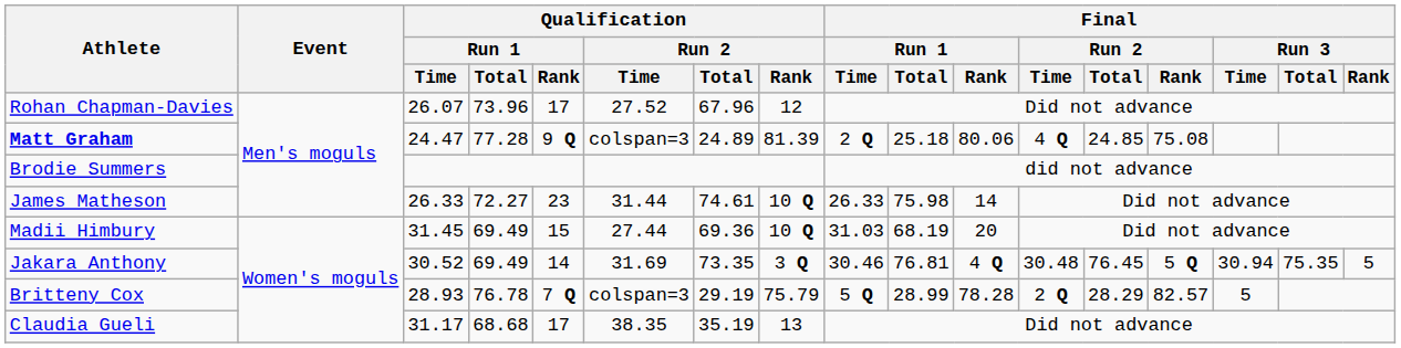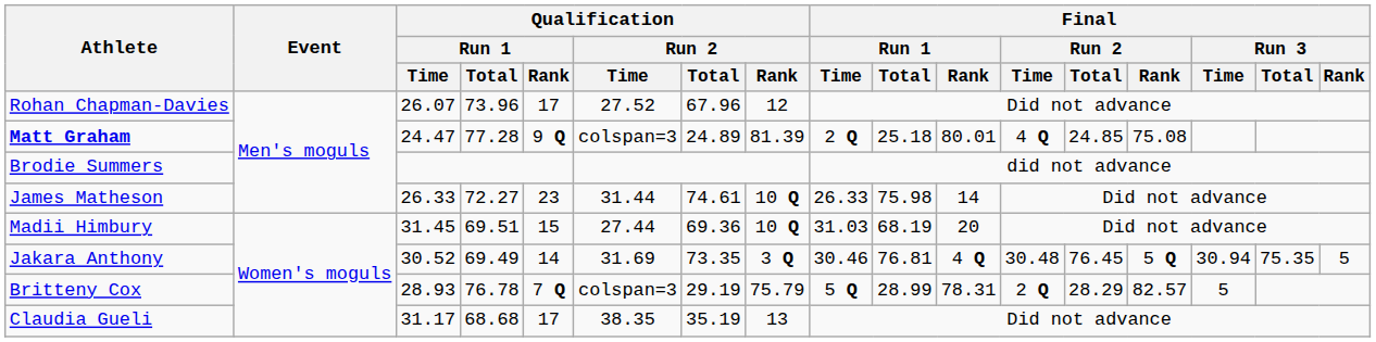 <table class="wikitable" style="font-size:90%">
 <tr>
 <th rowspan=3>Athlete</th>
 <th rowspan=3>Event</th>
 <th colspan=6>Qualification</th>
 <th colspan=12>Final</th>
 </tr>
 <tr style="font-size:95%">
 <th colspan=3>Run 1</th>
 <th colspan=3>Run 2</th>
 <th colspan=3>Run 1</th>
 <th colspan=3>Run 2</th>
 <th colspan=3>Run 3</th>
 </tr>
 <tr style="font-size:95%">
 <th>Time</th>
 <th>Total</th>
 <th>Rank</th>
 <th>Time</th>
 <th>Total</th>
 <th>Rank</th>
 <th>Time</th>
 <th>Total</th>
 <th>Rank</th>
 <th>Time</th>
 <th>Total</th>
 <th>Rank</th>
 <th>Time</th>
 <th>Total</th>
 <th>Rank</th>
 </tr>
 <tr align=center>
 <td align=left><a href='#'>Rohan Chapman-Davies</a></td>
 <td rowspan="4" align="left"><a href='#'>Men's moguls</a></td>
 <td>26.07</td>
 <td>73.96</td>
 <td>17</td>
 <td>27.52</td>
 <td>67.96</td>
 <td>12</td>
 <td colspan=9>Did not advance</td>
 </tr>
 <tr align=center>
 <td align=left><strong><a href='#'>Matt Graham</a></strong></td>
 <td>24.47</td>
 <td>77.28</td>
 <td>9 <strong>Q</strong></td>
 <td>colspan=3 </td>
 <td>24.89</td>
 <td>81.39</td>
 <td>2 <strong>Q</strong></td>
 <td>25.18</td>
-<td>80.06</td>
+<td>80.01</td>
 <td>4 <strong>Q</strong></td>
 <td>24.85</td>
 <td>75.08</td>
 <td></td>
 </tr>
 <tr align=center>
 <td align=left><a href='#'>Brodie Summers</a></td>
 <td colspan=3></td>
 <td colspan=3></td>
 <td colspan=9>did not advance</td>
 </tr>
 <tr align="center">
 <td align="left"><a href='#'>James Matheson</a></td>
 <td>26.33</td>
 <td>72.27</td>
 <td>23</td>
 <td>31.44</td>
 <td>74.61</td>
 <td>10 <strong>Q</strong></td>
 <td>26.33</td>
 <td>75.98</td>
 <td>14</td>
 <td colspan=6>Did not advance</td>
 </tr>
 <tr align="center">
 <td align="left"><a href='#'>Madii Himbury</a></td>
 <td rowspan="4" align="left"><a href='#'>Women's moguls</a></td>
 <td>31.45</td>
-<td>69.49</td>
+<td>69.51</td>
 <td>15</td>
 <td>27.44</td>
 <td>69.36</td>
 <td>10 <strong>Q</strong></td>
 <td>31.03</td>
 <td>68.19</td>
 <td>20</td>
 <td colspan=6>Did not advance</td>
 </tr>
 <tr align=center>
 <td align=left><a href='#'>Jakara Anthony</a></td>
 <td>30.52</td>
 <td>69.49</td>
 <td>14</td>
 <td>31.69</td>
 <td>73.35</td>
 <td>3 <strong>Q</strong></td>
 <td>30.46</td>
 <td>76.81</td>
 <td>4 <strong>Q</strong></td>
 <td>30.48</td>
 <td>76.45</td>
 <td>5 <strong>Q</strong></td>
 <td>30.94</td>
 <td>75.35</td>
 <td>5</td>
 </tr>
 <tr align=center>
 <td align=left><a href='#'>Britteny Cox</a></td>
 <td>28.93</td>
 <td>76.78</td>
 <td>7 <strong>Q</strong></td>
 <td>colspan=3 </td>
 <td>29.19</td>
 <td>75.79</td>
 <td>5 <strong>Q</strong></td>
 <td>28.99</td>
-<td>78.28</td>
+<td>78.31</td>
 <td>2 <strong>Q</strong></td>
 <td>28.29</td>
 <td>82.57</td>
 <td>5</td>
 </tr>
 <tr align=center>
 <td align=left><a href='#'>Claudia Gueli</a></td>
 <td>31.17</td>
 <td>68.68</td>
 <td>17</td>
 <td>38.35</td>
 <td>35.19</td>
 <td>13</td>
 <td colspan=9>Did not advance</td>
 </tr>
 </table>
